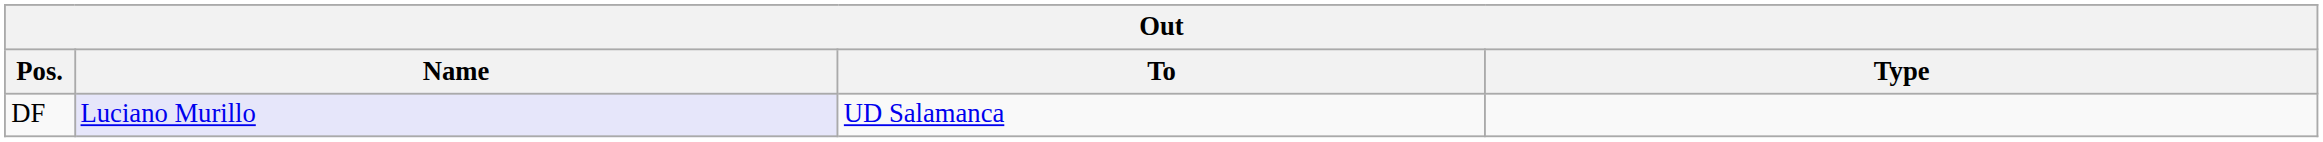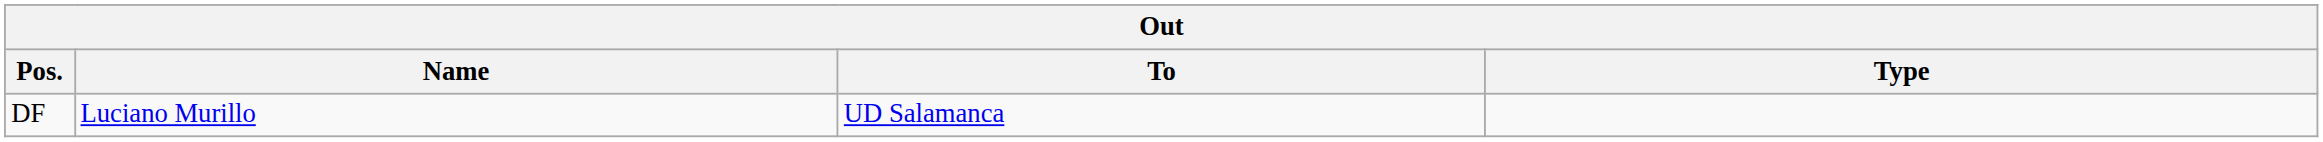 <table class="wikitable" style="font-size:90%; width:99%;">
 <tr>
 <th colspan="4">Out</th>
 </tr>
 <tr>
 <th width=3%>Pos.</th>
 <th width=33%>Name</th>
 <th width=28%>To</th>
 <th width=36%>Type</th>
 </tr>
 <tr>
 <td>DF</td>
-<td style="background: lavender;"><a href='#'>Luciano Murillo</a></td>
+<td><a href='#'>Luciano Murillo</a></td>
 <td><a href='#'>UD Salamanca</a></td>
 <td></td>
 </tr>
 </table>
